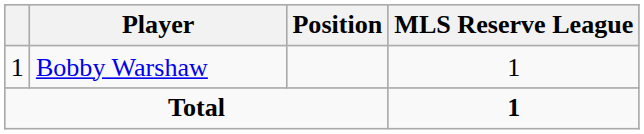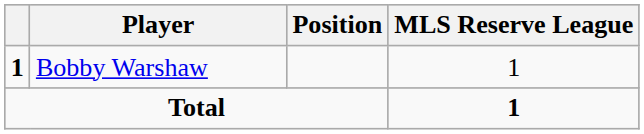 <table class="wikitable">
 <tr>
 <th></th>
 <th style="width:150px;">Player</th>
 <th>Position</th>
 <th>MLS Reserve League</th>
 </tr>
 <tr>
-<td align=center>1</td>
+<td align=center><strong>1</strong></td>
 <td> <a href='#'>Bobby Warshaw</a></td>
 <td align=center></td>
 <td align=center>1</td>
 </tr>
 <tr>
 <td align=center colspan=3><strong>Total</strong></td>
 <td align=center><strong>1</strong></td>
 </tr>
 </table>
